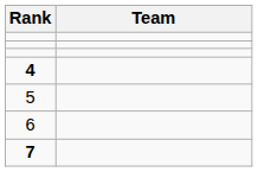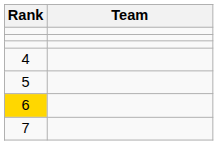 <table class="wikitable" style="text-align:center;">
 <tr>
 <th>Rank</th>
 <th width=175>Team</th>
 </tr>
 <tr>
 <td></td>
 <td align=left></td>
 </tr>
 <tr>
 <td></td>
 <td align=left></td>
 </tr>
 <tr>
 <td></td>
 <td align=left></td>
 </tr>
 <tr>
-<td><strong>4</strong></td>
+<td>4</td>
 <td align=left></td>
 </tr>
 <tr>
 <td>5</td>
 <td align=left></td>
 </tr>
 <tr>
-<td>6</td>
+<td style="background: gold;">6</td>
 <td align=left></td>
 </tr>
 <tr>
-<td><strong>7</strong></td>
+<td>7</td>
 <td align=left></td>
 </tr>
 </table>
